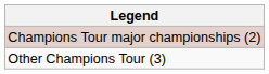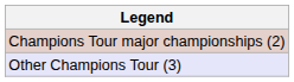 <table class="wikitable" style="font-size:95%;">
 <tr>
 <th>Legend</th>
 </tr>
 <tr style="background:#e5d1cb;">
 <td>Champions Tour major championships (2)</td>
 </tr>
 <tr>
-<td>Other Champions Tour (3)</td>
+<td style="background: lavender;">Other Champions Tour (3)</td>
 </tr>
 </table>
